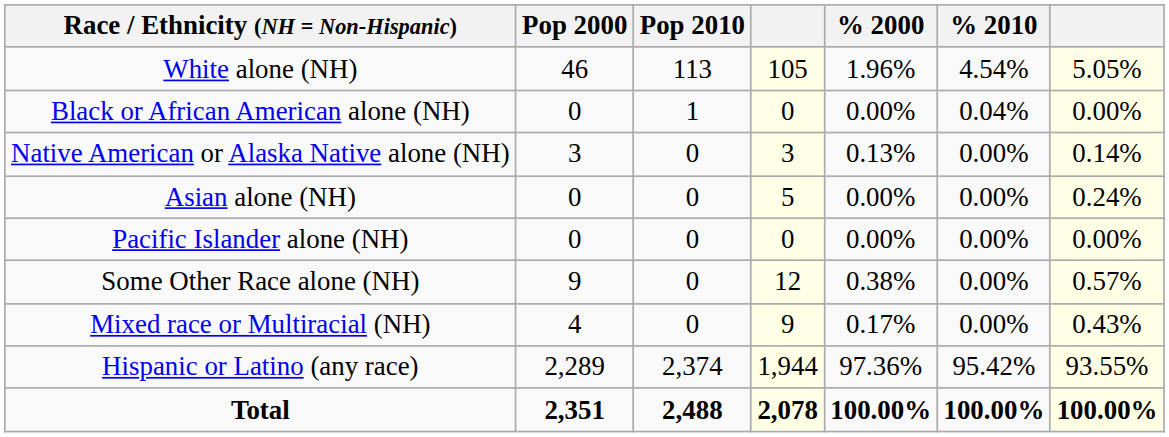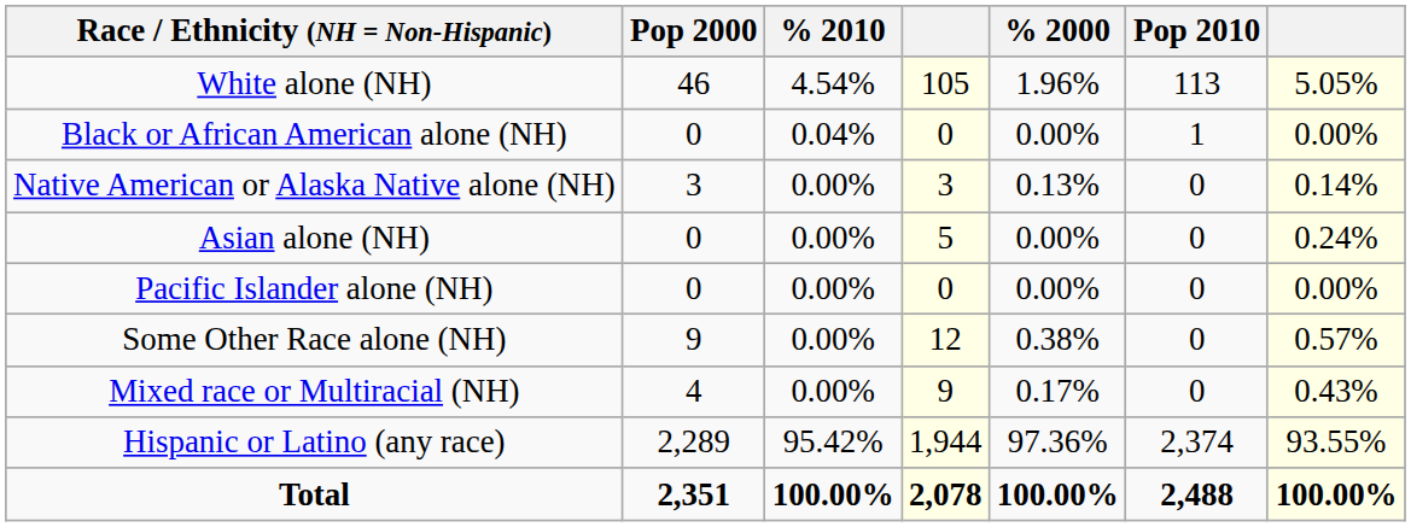 <table class="wikitable" style="text-align:center;">
 <tr>
 <th>Race / Ethnicity <small>(<em>NH = Non-Hispanic</em>)</small></th>
 <th>Pop 2000</th>
-<th>Pop 2010</th>
+<th>% 2010</th>
 <th></th>
 <th>% 2000</th>
-<th>% 2010</th>
+<th>Pop 2010</th>
 <th></th>
 </tr>
 <tr>
 <td><a href='#'>White</a> alone (NH)</td>
 <td>46</td>
-<td>113</td>
+<td>4.54%</td>
 <td style='background: #ffffe6;'>105</td>
 <td>1.96%</td>
-<td>4.54%</td>
+<td>113</td>
 <td style='background: #ffffe6;'>5.05%</td>
 </tr>
 <tr>
 <td><a href='#'>Black or African American</a> alone (NH)</td>
 <td>0</td>
-<td>1</td>
+<td>0.04%</td>
 <td style='background: #ffffe6;'>0</td>
 <td>0.00%</td>
-<td>0.04%</td>
+<td>1</td>
 <td style='background: #ffffe6;'>0.00%</td>
 </tr>
 <tr>
 <td><a href='#'>Native American</a> or <a href='#'>Alaska Native</a> alone (NH)</td>
 <td>3</td>
-<td>0</td>
+<td>0.00%</td>
 <td style='background: #ffffe6;'>3</td>
 <td>0.13%</td>
-<td>0.00%</td>
+<td>0</td>
 <td style='background: #ffffe6;'>0.14%</td>
 </tr>
 <tr>
 <td><a href='#'>Asian</a> alone (NH)</td>
 <td>0</td>
-<td>0</td>
+<td>0.00%</td>
 <td style='background: #ffffe6;'>5</td>
 <td>0.00%</td>
-<td>0.00%</td>
+<td>0</td>
 <td style='background: #ffffe6;'>0.24%</td>
 </tr>
 <tr>
 <td><a href='#'>Pacific Islander</a> alone (NH)</td>
 <td>0</td>
-<td>0</td>
+<td>0.00%</td>
 <td style='background: #ffffe6;'>0</td>
 <td>0.00%</td>
-<td>0.00%</td>
+<td>0</td>
 <td style='background: #ffffe6;'>0.00%</td>
 </tr>
 <tr>
 <td>Some Other Race alone (NH)</td>
 <td>9</td>
-<td>0</td>
+<td>0.00%</td>
 <td style='background: #ffffe6;'>12</td>
 <td>0.38%</td>
-<td>0.00%</td>
+<td>0</td>
 <td style='background: #ffffe6;'>0.57%</td>
 </tr>
 <tr>
 <td><a href='#'>Mixed race or Multiracial</a> (NH)</td>
 <td>4</td>
-<td>0</td>
+<td>0.00%</td>
 <td style='background: #ffffe6;'>9</td>
 <td>0.17%</td>
-<td>0.00%</td>
+<td>0</td>
 <td style='background: #ffffe6;'>0.43%</td>
 </tr>
 <tr>
 <td><a href='#'>Hispanic or Latino</a> (any race)</td>
 <td>2,289</td>
-<td>2,374</td>
+<td>95.42%</td>
 <td style='background: #ffffe6;'>1,944</td>
 <td>97.36%</td>
-<td>95.42%</td>
+<td>2,374</td>
 <td style='background: #ffffe6;'>93.55%</td>
 </tr>
 <tr>
 <td><strong>Total</strong></td>
 <td><strong>2,351</strong></td>
-<td><strong>2,488</strong></td>
+<td><strong>100.00%</strong></td>
 <td style='background: #ffffe6;'><strong>2,078</strong></td>
 <td><strong>100.00%</strong></td>
-<td><strong>100.00%</strong></td>
+<td><strong>2,488</strong></td>
 <td style='background: #ffffe6;'><strong>100.00%</strong></td>
 </tr>
 </table>
